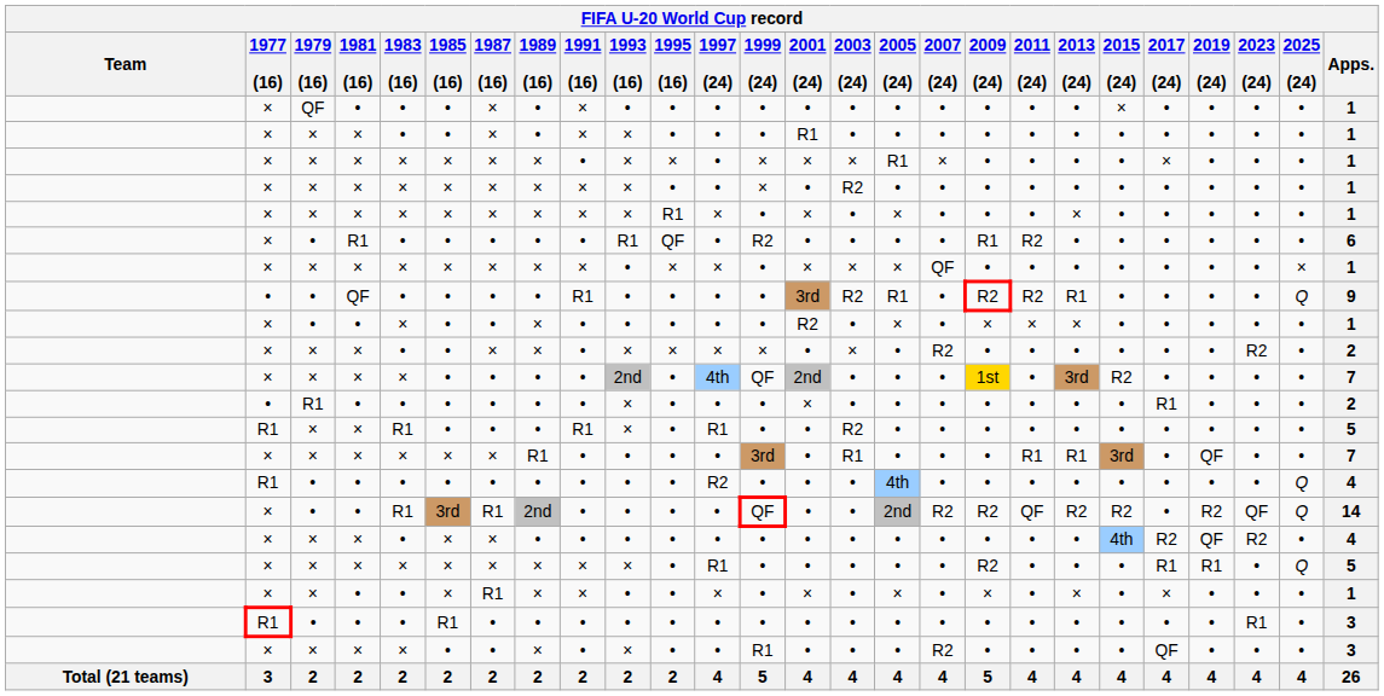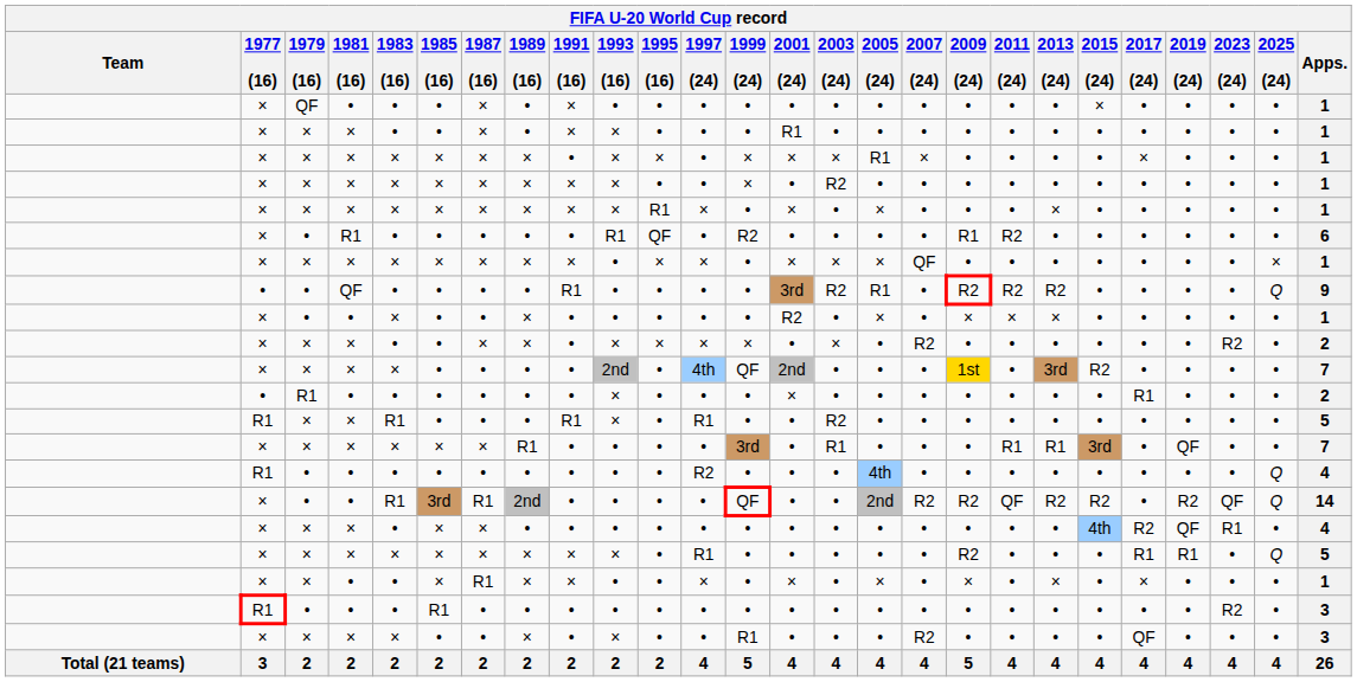 <table class="wikitable" style="text-align:center; font-size:90%">
 <tr style="background:#cccccc;" align=center>
 <th colspan=26><a href='#'>FIFA U-20 World Cup</a> record</th>
 </tr>
 <tr>
 <th width=200>Team</th>
 <th><a href='#'>1977</a><br><br>(16)</th>
 <th><a href='#'>1979</a><br><br>(16)</th>
 <th><a href='#'>1981</a><br><br>(16)</th>
 <th><a href='#'>1983</a><br><br>(16)</th>
 <th><a href='#'>1985</a><br><br>(16)</th>
 <th><a href='#'>1987</a><br><br>(16)</th>
 <th><a href='#'>1989</a><br><br>(16)</th>
 <th><a href='#'>1991</a><br><br>(16)</th>
 <th><a href='#'>1993</a><br><br>(16)</th>
 <th><a href='#'>1995</a><br><br>(16)</th>
 <th><a href='#'>1997</a><br><br>(24)</th>
 <th><a href='#'>1999</a><br><br>(24)</th>
 <th><a href='#'>2001</a><br><br>(24)</th>
 <th><a href='#'>2003</a><br><br>(24)</th>
 <th><a href='#'>2005</a><br><br>(24)</th>
 <th><a href='#'>2007</a><br><br>(24)</th>
 <th><a href='#'>2009</a><br><br>(24)</th>
 <th><a href='#'>2011</a><br><br>(24)</th>
 <th><a href='#'>2013</a><br><br>(24)</th>
 <th><a href='#'>2015</a><br><br>(24)</th>
 <th><a href='#'>2017</a><br><br>(24)</th>
 <th><a href='#'>2019</a><br><br>(24)</th>
 <th><a href='#'>2023</a><br><br>(24)</th>
 <th><a href='#'>2025</a><br><br>(24)</th>
 <th>Apps.</th>
 </tr>
 <tr align=center>
 <td align=left></td>
 <td>×</td>
 <td>QF</td>
 <td>•</td>
 <td>•</td>
 <td>•</td>
 <td>×</td>
 <td>•</td>
 <td>×</td>
 <td>•</td>
 <td>•</td>
 <td>•</td>
 <td>•</td>
 <td>•</td>
 <td>•</td>
 <td>•</td>
 <td>•</td>
 <td>•</td>
 <td>•</td>
 <td>•</td>
 <td>×</td>
 <td>•</td>
 <td>•</td>
 <td>•</td>
 <td>•</td>
 <th>1</th>
 </tr>
 <tr align=center>
 <td align=left></td>
 <td>×</td>
 <td>×</td>
 <td>×</td>
 <td>•</td>
 <td>•</td>
 <td>×</td>
 <td>•</td>
 <td>×</td>
 <td>×</td>
 <td>•</td>
 <td>•</td>
 <td>•</td>
 <td>R1</td>
 <td>•</td>
 <td>•</td>
 <td>•</td>
 <td>•</td>
 <td>•</td>
 <td>•</td>
 <td>•</td>
 <td>•</td>
 <td>•</td>
 <td>•</td>
 <td>•</td>
 <th>1</th>
 </tr>
 <tr align=center>
 <td align=left></td>
 <td>×</td>
 <td>×</td>
 <td>×</td>
 <td>×</td>
 <td>×</td>
 <td>×</td>
 <td>×</td>
 <td>•</td>
 <td>×</td>
 <td>×</td>
 <td>•</td>
 <td>×</td>
 <td>×</td>
 <td>×</td>
 <td>R1</td>
 <td>×</td>
 <td>•</td>
 <td>•</td>
 <td>•</td>
 <td>•</td>
 <td>×</td>
 <td>•</td>
 <td>•</td>
 <td>•</td>
 <th>1</th>
 </tr>
 <tr align=center>
 <td align=left></td>
 <td>×</td>
 <td>×</td>
 <td>×</td>
 <td>×</td>
 <td>×</td>
 <td>×</td>
 <td>×</td>
 <td>×</td>
 <td>×</td>
 <td>•</td>
 <td>•</td>
 <td>×</td>
 <td>•</td>
 <td>R2</td>
 <td>•</td>
 <td>•</td>
 <td>•</td>
 <td>•</td>
 <td>•</td>
 <td>•</td>
 <td>•</td>
 <td>•</td>
 <td>•</td>
 <td>•</td>
 <th>1</th>
 </tr>
 <tr align=center>
 <td align=left></td>
 <td>×</td>
 <td>×</td>
 <td>×</td>
 <td>×</td>
 <td>×</td>
 <td>×</td>
 <td>×</td>
 <td>×</td>
 <td>×</td>
 <td>R1</td>
 <td>×</td>
 <td>•</td>
 <td>×</td>
 <td>•</td>
 <td>×</td>
 <td>•</td>
 <td>•</td>
 <td>•</td>
 <td>×</td>
 <td>•</td>
 <td>•</td>
 <td>•</td>
 <td>•</td>
 <td>•</td>
 <th>1</th>
 </tr>
 <tr align=center>
 <td align=left></td>
 <td>×</td>
 <td>•</td>
 <td>R1</td>
 <td>•</td>
 <td>•</td>
 <td>•</td>
 <td>•</td>
 <td>•</td>
 <td>R1</td>
 <td>QF</td>
 <td>•</td>
 <td>R2</td>
 <td>•</td>
 <td>•</td>
 <td>•</td>
 <td>•</td>
 <td>R1</td>
 <td>R2</td>
 <td>•</td>
 <td>•</td>
 <td>•</td>
 <td>•</td>
 <td>•</td>
 <td>•</td>
 <th>6</th>
 </tr>
 <tr align=center>
 <td align=left></td>
 <td>×</td>
 <td>×</td>
 <td>×</td>
 <td>×</td>
 <td>×</td>
 <td>×</td>
 <td>×</td>
 <td>×</td>
 <td>•</td>
 <td>×</td>
 <td>×</td>
 <td>•</td>
 <td>×</td>
 <td>×</td>
 <td>×</td>
 <td>QF</td>
 <td>•</td>
 <td>•</td>
 <td>•</td>
 <td>•</td>
 <td>•</td>
 <td>•</td>
 <td>•</td>
 <td>×</td>
 <th>1</th>
 </tr>
 <tr align=center>
 <td align=left></td>
 <td>•</td>
 <td>•</td>
 <td>QF</td>
 <td>•</td>
 <td>•</td>
 <td>•</td>
 <td>•</td>
 <td>R1</td>
 <td>•</td>
 <td>•</td>
 <td>•</td>
 <td>•</td>
 <td bgcolor=#cc9966>3rd</td>
 <td>R2</td>
 <td>R1</td>
 <td>•</td>
 <td style="border: 3px solid red">R2</td>
 <td>R2</td>
-<td>R1</td>
+<td>R2</td>
 <td>•</td>
 <td>•</td>
 <td>•</td>
 <td>•</td>
 <td><em>Q</em></td>
 <th>9</th>
 </tr>
 <tr align=center>
 <td align=left></td>
 <td>×</td>
 <td>•</td>
 <td>•</td>
 <td>×</td>
 <td>•</td>
 <td>•</td>
 <td>×</td>
 <td>•</td>
 <td>•</td>
 <td>•</td>
 <td>•</td>
 <td>•</td>
 <td>R2</td>
 <td>•</td>
 <td>×</td>
 <td>•</td>
 <td>×</td>
 <td>×</td>
 <td>×</td>
 <td>•</td>
 <td>•</td>
 <td>•</td>
 <td>•</td>
 <td>•</td>
 <th>1</th>
 </tr>
 <tr align=center>
 <td align=left></td>
 <td>×</td>
 <td>×</td>
 <td>×</td>
 <td>•</td>
 <td>•</td>
 <td>×</td>
 <td>×</td>
 <td>•</td>
 <td>×</td>
 <td>×</td>
 <td>×</td>
 <td>×</td>
 <td>•</td>
 <td>×</td>
 <td>•</td>
 <td>R2</td>
 <td>•</td>
 <td>•</td>
 <td>•</td>
 <td>•</td>
 <td>•</td>
 <td>•</td>
 <td>R2</td>
 <td>•</td>
 <th>2</th>
 </tr>
 <tr align=center>
 <td align=left></td>
 <td>×</td>
 <td>×</td>
 <td>×</td>
 <td>×</td>
 <td>•</td>
 <td>•</td>
 <td>•</td>
 <td>•</td>
 <td bgcolor=silver>2nd</td>
 <td>•</td>
 <td bgcolor=#9acdff>4th</td>
 <td>QF</td>
 <td bgcolor=silver>2nd</td>
 <td>•</td>
 <td>•</td>
 <td>•</td>
 <td bgcolor=gold>1st</td>
 <td>•</td>
 <td bgcolor=#cc9966>3rd</td>
 <td>R2</td>
 <td>•</td>
 <td>•</td>
 <td>•</td>
 <td>•</td>
 <th>7</th>
 </tr>
 <tr align=center>
 <td align=left></td>
 <td>•</td>
 <td>R1</td>
 <td>•</td>
 <td>•</td>
 <td>•</td>
 <td>•</td>
 <td>•</td>
 <td>•</td>
 <td>×</td>
 <td>•</td>
 <td>•</td>
 <td>•</td>
 <td>×</td>
 <td>•</td>
 <td>•</td>
 <td>•</td>
 <td>•</td>
 <td>•</td>
 <td>•</td>
 <td>•</td>
 <td>R1</td>
 <td>•</td>
 <td>•</td>
 <td>•</td>
 <th>2</th>
 </tr>
 <tr align=center>
 <td align=left></td>
 <td>R1</td>
 <td>×</td>
 <td>×</td>
 <td>R1</td>
 <td>•</td>
 <td>•</td>
 <td>•</td>
 <td>R1</td>
 <td>×</td>
 <td>•</td>
 <td>R1</td>
 <td>•</td>
 <td>•</td>
 <td>R2</td>
 <td>•</td>
 <td>•</td>
 <td>•</td>
 <td>•</td>
 <td>•</td>
 <td>•</td>
 <td>•</td>
 <td>•</td>
 <td>•</td>
 <td>•</td>
 <th>5</th>
 </tr>
 <tr align=center>
 <td align=left></td>
 <td>×</td>
 <td>×</td>
 <td>×</td>
 <td>×</td>
 <td>×</td>
 <td>×</td>
 <td>R1</td>
 <td>•</td>
 <td>•</td>
 <td>•</td>
 <td>•</td>
 <td bgcolor=#cc9966>3rd</td>
 <td>•</td>
 <td>R1</td>
 <td>•</td>
 <td>•</td>
 <td>•</td>
 <td>R1</td>
 <td>R1</td>
 <td bgcolor=#cc9966>3rd</td>
 <td>•</td>
 <td>QF</td>
 <td>•</td>
 <td>•</td>
 <th>7</th>
 </tr>
 <tr align=center>
 <td align=left></td>
 <td>R1</td>
 <td>•</td>
 <td>•</td>
 <td>•</td>
 <td>•</td>
 <td>•</td>
 <td>•</td>
 <td>•</td>
 <td>•</td>
 <td>•</td>
 <td>R2</td>
 <td>•</td>
 <td>•</td>
 <td>•</td>
 <td bgcolor=#9acdff>4th</td>
 <td>•</td>
 <td>•</td>
 <td>•</td>
 <td>•</td>
 <td>•</td>
 <td>•</td>
 <td>•</td>
 <td>•</td>
 <td><em>Q</em></td>
 <th>4</th>
 </tr>
 <tr align=center>
 <td align=left></td>
 <td>×</td>
 <td>•</td>
 <td>•</td>
 <td>R1</td>
 <td bgcolor=#cc9966>3rd</td>
 <td>R1</td>
 <td bgcolor=silver>2nd</td>
 <td>•</td>
 <td>•</td>
 <td>•</td>
 <td>•</td>
 <td style="border: 3px solid red">QF</td>
 <td>•</td>
 <td>•</td>
 <td bgcolor=silver>2nd</td>
 <td>R2</td>
 <td>R2</td>
 <td>QF</td>
 <td>R2</td>
 <td>R2</td>
 <td>•</td>
 <td>R2</td>
 <td>QF</td>
 <td><em>Q</em></td>
 <th>14</th>
 </tr>
 <tr align=center>
 <td align=left></td>
 <td>×</td>
 <td>×</td>
 <td>×</td>
 <td>•</td>
 <td>×</td>
 <td>×</td>
 <td>•</td>
 <td>•</td>
 <td>•</td>
 <td>•</td>
 <td>•</td>
 <td>•</td>
 <td>•</td>
 <td>•</td>
 <td>•</td>
 <td>•</td>
 <td>•</td>
 <td>•</td>
 <td>•</td>
 <td bgcolor=#9acdff>4th</td>
 <td>R2</td>
 <td>QF</td>
-<td>R2</td>
+<td>R1</td>
 <td>•</td>
 <th>4</th>
 </tr>
 <tr align=center>
 <td align=left></td>
 <td>×</td>
 <td>×</td>
 <td>×</td>
 <td>×</td>
 <td>×</td>
 <td>×</td>
 <td>×</td>
 <td>×</td>
 <td>×</td>
 <td>•</td>
 <td>R1</td>
 <td>•</td>
 <td>•</td>
 <td>•</td>
 <td>•</td>
 <td>•</td>
 <td>R2</td>
 <td>•</td>
 <td>•</td>
 <td>•</td>
 <td>R1</td>
 <td>R1</td>
 <td>•</td>
 <td><em>Q</em></td>
 <th>5</th>
 </tr>
 <tr align=center>
 <td align=left></td>
 <td>×</td>
 <td>×</td>
 <td>•</td>
 <td>•</td>
 <td>×</td>
 <td>R1</td>
 <td>×</td>
 <td>×</td>
 <td>•</td>
 <td>•</td>
 <td>×</td>
 <td>•</td>
 <td>×</td>
 <td>•</td>
 <td>×</td>
 <td>•</td>
 <td>×</td>
 <td>•</td>
 <td>×</td>
 <td>•</td>
 <td>×</td>
 <td>•</td>
 <td>•</td>
 <td>•</td>
 <th>1</th>
 </tr>
 <tr align=center>
 <td align=left></td>
 <td style="border: 3px solid red">R1</td>
 <td>•</td>
 <td>•</td>
 <td>•</td>
 <td>R1</td>
 <td>•</td>
 <td>•</td>
 <td>•</td>
 <td>•</td>
 <td>•</td>
 <td>•</td>
 <td>•</td>
 <td>•</td>
 <td>•</td>
 <td>•</td>
 <td>•</td>
 <td>•</td>
 <td>•</td>
 <td>•</td>
 <td>•</td>
 <td>•</td>
 <td>•</td>
-<td>R1</td>
+<td>R2</td>
 <td>•</td>
 <th>3</th>
 </tr>
 <tr align=center>
 <td align=left></td>
 <td>×</td>
 <td>×</td>
 <td>×</td>
 <td>×</td>
 <td>•</td>
 <td>•</td>
 <td>×</td>
 <td>•</td>
 <td>×</td>
 <td>•</td>
 <td>•</td>
 <td>R1</td>
 <td>•</td>
 <td>•</td>
 <td>•</td>
 <td>R2</td>
 <td>•</td>
 <td>•</td>
 <td>•</td>
 <td>•</td>
 <td>QF</td>
 <td>•</td>
 <td>•</td>
 <td>•</td>
 <th>3</th>
 </tr>
 <tr>
 <th align=left>Total (21 teams)</th>
 <th>3</th>
 <th>2</th>
 <th>2</th>
 <th>2</th>
 <th>2</th>
 <th>2</th>
 <th>2</th>
 <th>2</th>
 <th>2</th>
 <th>2</th>
 <th>4</th>
 <th>5</th>
 <th>4</th>
 <th>4</th>
 <th>4</th>
 <th>4</th>
 <th>5</th>
 <th>4</th>
 <th>4</th>
 <th>4</th>
 <th>4</th>
 <th>4</th>
 <th>4</th>
 <th>4</th>
 <th>26</th>
 </tr>
 </table>
